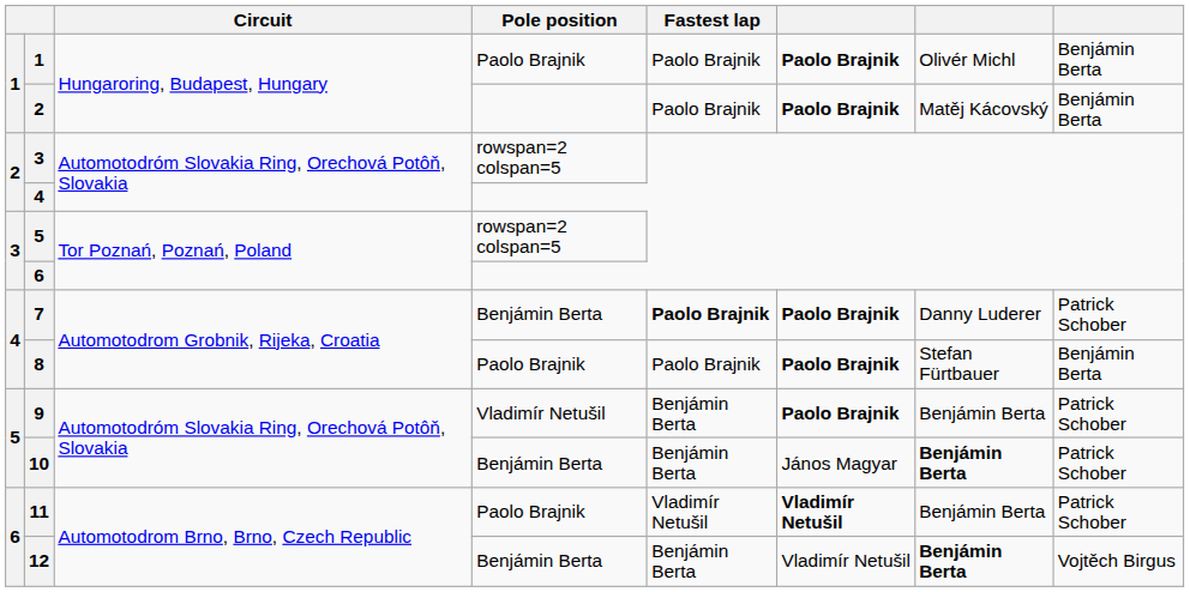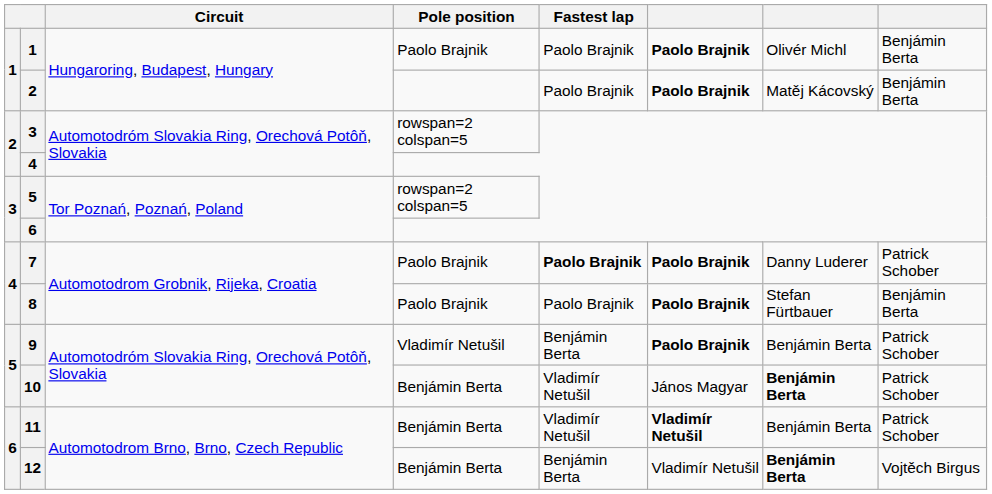 <table class="wikitable" style="font-size: 85%;">
 <tr>
 <th colspan="2"></th>
 <th>Circuit</th>
 <th>Pole position</th>
 <th>Fastest lap</th>
 <th></th>
 <th></th>
 <th></th>
 </tr>
 <tr>
 <th rowspan=2>1</th>
 <th>1</th>
 <td rowspan=2> <a href='#'>Hungaroring</a>, <a href='#'>Budapest</a>, <a href='#'>Hungary</a></td>
 <td> Paolo Brajnik</td>
 <td> Paolo Brajnik</td>
 <td><strong> Paolo Brajnik</strong></td>
 <td> Olivér Michl</td>
 <td> Benjámin Berta</td>
 </tr>
 <tr>
 <th>2</th>
 <td></td>
 <td> Paolo Brajnik</td>
 <td><strong> Paolo Brajnik</strong></td>
 <td> Matěj Kácovský</td>
 <td> Benjámin Berta</td>
 </tr>
 <tr>
 <th rowspan=2>2</th>
 <th>3</th>
 <td rowspan=2> <a href='#'>Automotodróm Slovakia Ring</a>, <a href='#'>Orechová Potôň</a>, <a href='#'>Slovakia</a></td>
 <td>rowspan=2 colspan=5 </td>
 </tr>
 <tr>
 <th>4</th>
 </tr>
 <tr>
 <th rowspan=2>3</th>
 <th>5</th>
 <td rowspan=2> <a href='#'>Tor Poznań</a>, <a href='#'>Poznań</a>, <a href='#'>Poland</a></td>
 <td>rowspan=2 colspan=5 </td>
 </tr>
 <tr>
 <th>6</th>
 </tr>
 <tr>
 <th rowspan=2>4</th>
 <th>7</th>
 <td rowspan=2> <a href='#'>Automotodrom Grobnik</a>, <a href='#'>Rijeka</a>, <a href='#'>Croatia</a></td>
-<td> Benjámin Berta</td>
+<td> Paolo Brajnik</td>
 <td><strong> Paolo Brajnik</strong></td>
 <td><strong> Paolo Brajnik</strong></td>
 <td> Danny Luderer</td>
 <td> Patrick Schober</td>
 </tr>
 <tr>
 <th>8</th>
 <td> Paolo Brajnik</td>
 <td> Paolo Brajnik</td>
 <td><strong> Paolo Brajnik</strong></td>
 <td> Stefan Fürtbauer</td>
 <td> Benjámin Berta</td>
 </tr>
 <tr>
 <th rowspan=2>5</th>
 <th>9</th>
 <td rowspan=2> <a href='#'>Automotodróm Slovakia Ring</a>, <a href='#'>Orechová Potôň</a>, <a href='#'>Slovakia</a></td>
 <td> Vladimír Netušil</td>
 <td> Benjámin Berta</td>
 <td><strong> Paolo Brajnik</strong></td>
 <td> Benjámin Berta</td>
 <td> Patrick Schober</td>
 </tr>
 <tr>
 <th>10</th>
 <td> Benjámin Berta</td>
-<td> Benjámin Berta</td>
+<td> Vladimír Netušil</td>
 <td> János Magyar</td>
 <td><strong> Benjámin Berta</strong></td>
 <td> Patrick Schober</td>
 </tr>
 <tr>
 <th rowspan=2>6</th>
 <th>11</th>
 <td rowspan=2> <a href='#'>Automotodrom Brno</a>, <a href='#'>Brno</a>, <a href='#'>Czech Republic</a></td>
-<td> Paolo Brajnik</td>
+<td> Benjámin Berta</td>
 <td> Vladimír Netušil</td>
 <td><strong> Vladimír Netušil</strong></td>
 <td> Benjámin Berta</td>
 <td> Patrick Schober</td>
 </tr>
 <tr>
 <th>12</th>
 <td> Benjámin Berta</td>
 <td> Benjámin Berta</td>
 <td> Vladimír Netušil</td>
 <td><strong> Benjámin Berta</strong></td>
 <td> Vojtěch Birgus</td>
 </tr>
 </table>
